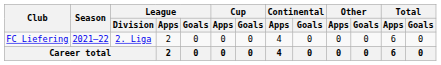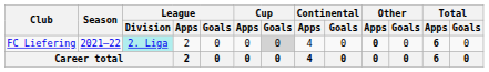 <table class="wikitable" style="text-align: center">
 <tr>
 <th rowspan="2">Club</th>
 <th rowspan="2">Season</th>
 <th colspan="3">League</th>
 <th colspan="2">Cup</th>
 <th colspan="2">Continental</th>
 <th colspan="2">Other</th>
 <th colspan="2">Total</th>
 </tr>
 <tr>
 <th>Division</th>
 <th>Apps</th>
 <th>Goals</th>
 <th>Apps</th>
 <th>Goals</th>
 <th>Apps</th>
 <th>Goals</th>
 <th>Apps</th>
 <th>Goals</th>
 <th>Apps</th>
 <th>Goals</th>
 </tr>
 <tr>
 <td><a href='#'>FC Liefering</a></td>
 <td><a href='#'>2021–22</a></td>
-<td><a href='#'>2. Liga</a></td>
+<td style="background: paleturquoise;"><a href='#'>2. Liga</a></td>
 <td>2</td>
 <td>0</td>
 <td>0</td>
-<td>0</td>
+<td style="background: lightgrey;">0</td>
 <td>4</td>
 <td>0</td>
+<td><strong>0</strong></td>
 <td>0</td>
-<td>0</td>
-<td>6</td>
+<td><strong>6</strong></td>
 <td>0</td>
 </tr>
 <tr>
 <th colspan="3"><strong>Career total</strong></th>
 <th>2</th>
 <th>0</th>
 <th>0</th>
 <th>0</th>
 <th>4</th>
 <th>0</th>
 <th>0</th>
 <th>0</th>
 <th>6</th>
 <th>0</th>
 </tr>
 </table>
